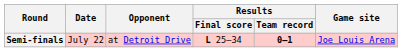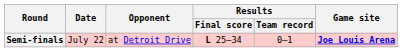 <table class="wikitable" style="font-size: 92%;" "align=center">
 <tr>
 <th rowspan="2">Round</th>
 <th rowspan="2">Date</th>
 <th rowspan="2">Opponent</th>
 <th colspan="2">Results</th>
 <th rowspan="2">Game site</th>
 </tr>
 <tr>
 <th>Final score</th>
 <th>Team record</th>
 </tr>
 <tr style="background:#fcc">
 <th>Semi-finals</th>
 <td style="text-align:center;">July 22</td>
 <td style="text-align:center;">at <a href='#'>Detroit Drive</a></td>
 <td style="text-align:center;"><strong>L</strong> 25–34</td>
-<td style="text-align:center;"><strong>0–1</strong></td>
-<td style="text-align:center;"><a href='#'>Joe Louis Arena</a></td>
+<td style="text-align:center;">0–1</td>
+<td style="text-align:center;"><strong><a href='#'>Joe Louis Arena</a></strong></td>
 </tr>
 </table>
